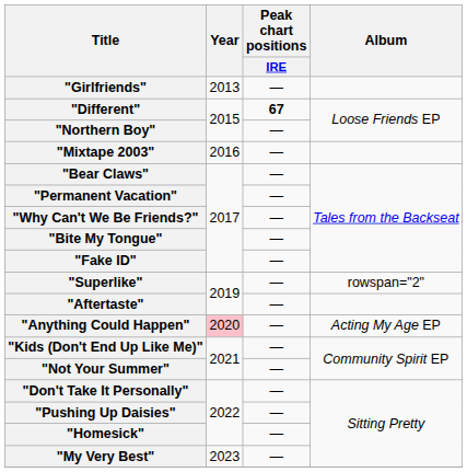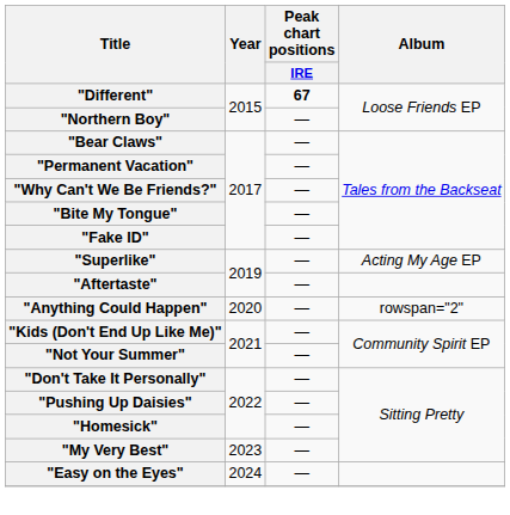 <table class="wikitable plainrowheaders" style="text-align:center">
 <tr>
 <th scope="col" rowspan="2">Title</th>
 <th scope="col" rowspan="2">Year</th>
 <th scope="col" colspan="1">Peak chart positions</th>
 <th scope="col" rowspan="2">Album</th>
 </tr>
 <tr>
 <th scope="col" style="width:3em; font-size:90%"><a href='#'>IRE</a><br></th>
 </tr>
 <tr>
-<th scope="row">"Girlfriends"</th>
-<td>2013</td>
-<td>—</td>
-<td></td>
-</tr>
-<tr>
 <th scope="row">"Different"</th>
 <td rowspan="2">2015</td>
 <td><strong>67</strong></td>
 <td rowspan="2"><em>Loose Friends</em> EP</td>
 </tr>
 <tr>
 <th scope="row">"Northern Boy"</th>
 <td>—</td>
-</tr>
-<tr>
-<th scope="row">"Mixtape 2003"</th>
-<td>2016</td>
-<td>—</td>
-<td></td>
 </tr>
 <tr>
 <th scope="row">"Bear Claws"</th>
 <td rowspan="5">2017</td>
 <td>—</td>
 <td rowspan="5"><em><a href='#'>Tales from the Backseat</a></em></td>
 </tr>
 <tr>
 <th scope="row">"Permanent Vacation"</th>
 <td>—</td>
 </tr>
 <tr>
 <th scope="row">"Why Can't We Be Friends?"</th>
 <td>—</td>
 </tr>
 <tr>
 <th scope="row">"Bite My Tongue"</th>
 <td>—</td>
 </tr>
 <tr>
 <th scope="row">"Fake ID"</th>
 <td>—</td>
 </tr>
 <tr>
 <th scope="row">"Superlike"</th>
 <td rowspan="2">2019</td>
 <td>—</td>
-<td>rowspan="2" </td>
+<td><em>Acting My Age</em> EP</td>
 </tr>
 <tr>
 <th scope="row">"Aftertaste"</th>
 <td>—</td>
 </tr>
 <tr>
 <th scope="row">"Anything Could Happen"</th>
-<td style="background: pink;">2020</td>
+<td>2020</td>
 <td>—</td>
-<td><em>Acting My Age</em> EP</td>
+<td>rowspan="2" </td>
 </tr>
 <tr>
 <th scope="row">"Kids (Don't End Up Like Me)"</th>
 <td rowspan="2">2021</td>
 <td>—</td>
 <td rowspan="2"><em>Community Spirit</em> EP</td>
 </tr>
 <tr>
 <th scope="row">"Not Your Summer"</th>
 <td>—</td>
 </tr>
 <tr>
 <th scope="row">"Don't Take It Personally"</th>
 <td rowspan="3">2022</td>
 <td>—</td>
 <td rowspan="4"><em>Sitting Pretty</em></td>
 </tr>
 <tr>
 <th scope="row">"Pushing Up Daisies"</th>
 <td>—</td>
 </tr>
 <tr>
 <th scope="row">"Homesick"</th>
 <td>—</td>
 </tr>
 <tr>
 <th scope="row">"My Very Best"</th>
 <td>2023</td>
 <td>—</td>
 </tr>
 <tr>
+<th scope="row">"Easy on the Eyes"</th>
+<td>2024</td>
+<td>—</td>
+<td></td>
+</tr>
+<tr>
 </tr>
 </table>
